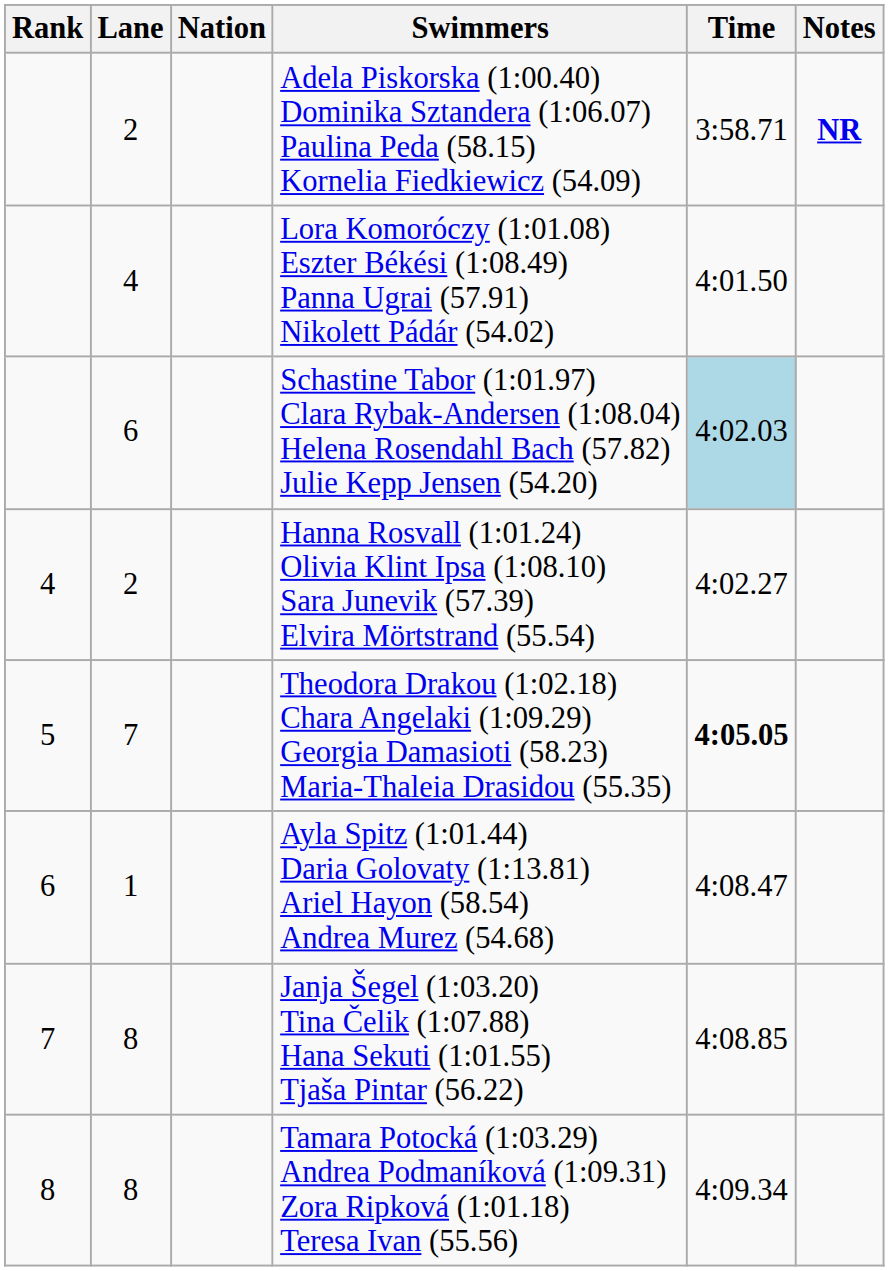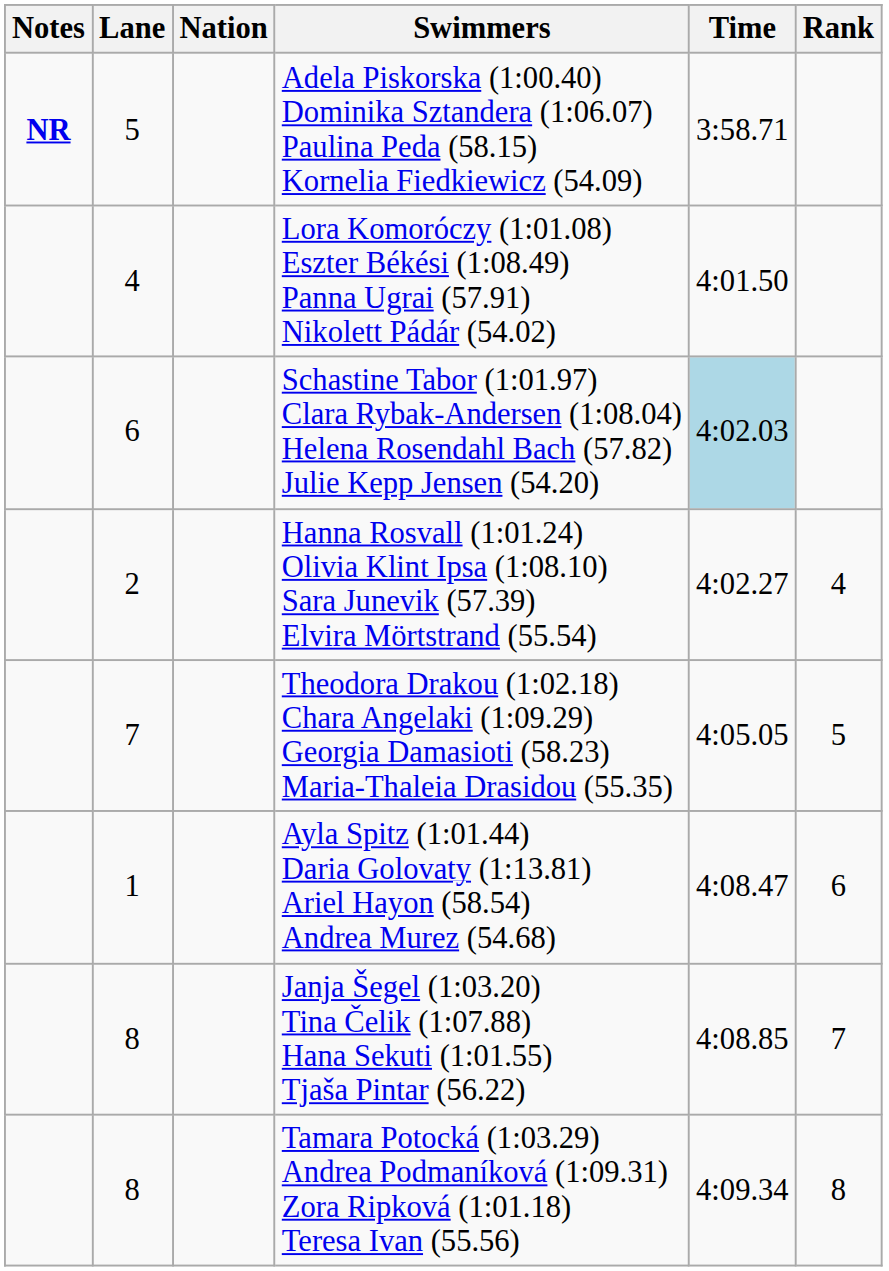 <table class="wikitable sortable" style="text-align:center">
 <tr>
-<th>Rank</th>
+<th>Notes</th>
 <th>Lane</th>
 <th>Nation</th>
 <th>Swimmers</th>
 <th>Time</th>
-<th>Notes</th>
+<th>Rank</th>
 </tr>
 <tr>
-<td></td>
-<td>2</td>
+<td><strong><a href='#'>NR</a></strong></td>
+<td>5</td>
 <td align=left></td>
 <td align=left><a href='#'>Adela Piskorska</a> (1:00.40)<br><a href='#'>Dominika Sztandera</a> (1:06.07)<br><a href='#'>Paulina Peda</a> (58.15)<br><a href='#'>Kornelia Fiedkiewicz</a> (54.09)</td>
 <td>3:58.71</td>
-<td><strong><a href='#'>NR</a></strong></td>
+<td></td>
 </tr>
 <tr>
 <td></td>
 <td>4</td>
 <td align=left></td>
 <td align=left><a href='#'>Lora Komoróczy</a> (1:01.08)<br><a href='#'>Eszter Békési</a> (1:08.49)<br><a href='#'>Panna Ugrai</a> (57.91)<br><a href='#'>Nikolett Pádár</a> (54.02)</td>
 <td>4:01.50</td>
 <td></td>
 </tr>
 <tr>
 <td></td>
 <td>6</td>
 <td align=left></td>
 <td align=left><a href='#'>Schastine Tabor</a> (1:01.97)<br><a href='#'>Clara Rybak-Andersen</a> (1:08.04)<br><a href='#'>Helena Rosendahl Bach</a> (57.82)<br><a href='#'>Julie Kepp Jensen</a> (54.20)</td>
 <td style="background: lightblue;">4:02.03</td>
 <td></td>
 </tr>
 <tr>
-<td>4</td>
+<td></td>
 <td>2</td>
 <td align=left></td>
 <td align=left><a href='#'>Hanna Rosvall</a> (1:01.24)<br><a href='#'>Olivia Klint Ipsa</a> (1:08.10)<br><a href='#'>Sara Junevik</a> (57.39)<br><a href='#'>Elvira Mörtstrand</a> (55.54)</td>
 <td>4:02.27</td>
-<td></td>
+<td>4</td>
 </tr>
 <tr>
-<td>5</td>
+<td></td>
 <td>7</td>
 <td align=left></td>
 <td align=left><a href='#'>Theodora Drakou</a> (1:02.18)<br><a href='#'>Chara Angelaki</a> (1:09.29)<br><a href='#'>Georgia Damasioti</a> (58.23)<br><a href='#'>Maria-Thaleia Drasidou</a> (55.35)</td>
-<td><strong>4:05.05</strong></td>
-<td></td>
+<td>4:05.05</td>
+<td>5</td>
 </tr>
 <tr>
-<td>6</td>
+<td></td>
 <td>1</td>
 <td align=left></td>
 <td align=left><a href='#'>Ayla Spitz</a> (1:01.44)<br><a href='#'>Daria Golovaty</a> (1:13.81)<br><a href='#'>Ariel Hayon</a> (58.54)<br><a href='#'>Andrea Murez</a> (54.68)</td>
 <td>4:08.47</td>
-<td></td>
+<td>6</td>
 </tr>
 <tr>
-<td>7</td>
+<td></td>
 <td>8</td>
 <td align=left></td>
 <td align=left><a href='#'>Janja Šegel</a> (1:03.20)<br><a href='#'>Tina Čelik</a> (1:07.88)<br><a href='#'>Hana Sekuti</a> (1:01.55)<br><a href='#'>Tjaša Pintar</a> (56.22)</td>
 <td>4:08.85</td>
-<td></td>
+<td>7</td>
 </tr>
 <tr>
-<td>8</td>
+<td></td>
 <td>8</td>
 <td align=left></td>
 <td align=left><a href='#'>Tamara Potocká</a> (1:03.29)<br><a href='#'>Andrea Podmaníková</a> (1:09.31)<br><a href='#'>Zora Ripková</a> (1:01.18)<br><a href='#'>Teresa Ivan</a> (55.56)</td>
 <td>4:09.34</td>
-<td></td>
+<td>8</td>
 </tr>
 </table>
